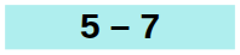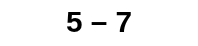 <table style="text-align:center">
 <tr>
 <th width=200></th>
 <th width=100></th>
 <th width=200></th>
 </tr>
 <tr>
 <td align=right></td>
-<td style="background: paleturquoise;"><strong>5 – 7</strong></td>
+<td><strong>5 – 7</strong></td>
 <td align=left></td>
 </tr>
 </table>
